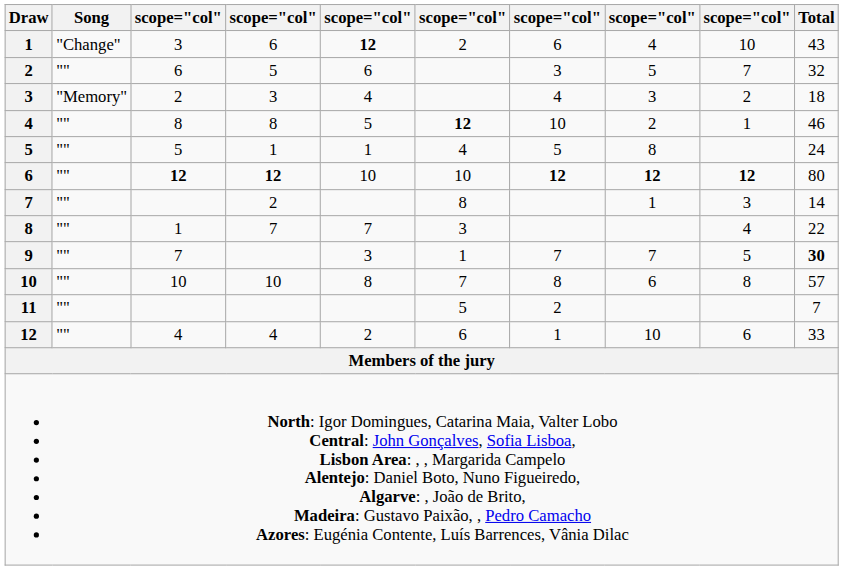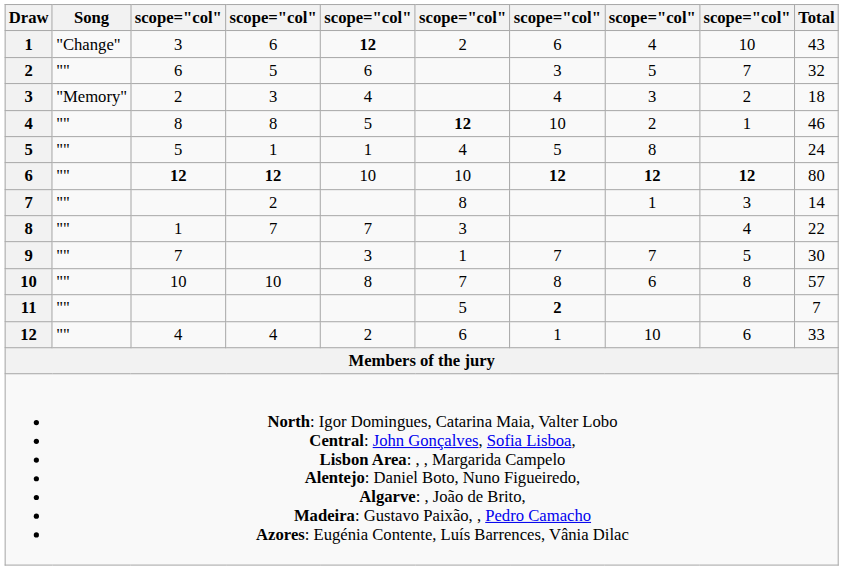 <table class="wikitable collapsible plainrowheaders" style="margin: 1em auto 1em auto; text-align:center">
 <tr>
 <th>Draw</th>
 <th>Song</th>
 <th>scope="col" </th>
 <th>scope="col" </th>
 <th>scope="col" </th>
 <th>scope="col" </th>
 <th>scope="col" </th>
 <th>scope="col" </th>
 <th>scope="col" </th>
 <th>Total</th>
 </tr>
 <tr>
 <th scope="row" style="text-align:center">1</th>
 <td align="left">"Change"</td>
 <td>3</td>
 <td>6</td>
 <td><strong>12</strong></td>
 <td>2</td>
 <td>6</td>
 <td>4</td>
 <td>10</td>
 <td>43</td>
 </tr>
 <tr>
 <th scope="row" style="text-align:center">2</th>
 <td align="left">""</td>
 <td>6</td>
 <td>5</td>
 <td>6</td>
 <td></td>
 <td>3</td>
 <td>5</td>
 <td>7</td>
 <td>32</td>
 </tr>
 <tr>
 <th scope="row" style="text-align:center">3</th>
 <td align="left">"Memory"</td>
 <td>2</td>
 <td>3</td>
 <td>4</td>
 <td></td>
 <td>4</td>
 <td>3</td>
 <td>2</td>
 <td>18</td>
 </tr>
 <tr>
 <th scope="row" style="text-align:center">4</th>
 <td align="left">""</td>
 <td>8</td>
 <td>8</td>
 <td>5</td>
 <td><strong>12</strong></td>
 <td>10</td>
 <td>2</td>
 <td>1</td>
 <td>46</td>
 </tr>
 <tr>
 <th scope="row" style="text-align:center">5</th>
 <td align="left">""</td>
 <td>5</td>
 <td>1</td>
 <td>1</td>
 <td>4</td>
 <td>5</td>
 <td>8</td>
 <td></td>
 <td>24</td>
 </tr>
 <tr>
 <th scope="row" style="text-align:center">6</th>
 <td align="left">""</td>
 <td><strong>12</strong></td>
 <td><strong>12</strong></td>
 <td>10</td>
 <td>10</td>
 <td><strong>12</strong></td>
 <td><strong>12</strong></td>
 <td><strong>12</strong></td>
 <td>80</td>
 </tr>
 <tr>
 <th scope="row" style="text-align:center">7</th>
 <td align="left">""</td>
 <td></td>
 <td>2</td>
 <td></td>
 <td>8</td>
 <td></td>
 <td>1</td>
 <td>3</td>
 <td>14</td>
 </tr>
 <tr>
 <th scope="row" style="text-align:center">8</th>
 <td align="left">""</td>
 <td>1</td>
 <td>7</td>
 <td>7</td>
 <td>3</td>
 <td></td>
 <td></td>
 <td>4</td>
 <td>22</td>
 </tr>
 <tr>
 <th scope="row" style="text-align:center">9</th>
 <td align="left">""</td>
 <td>7</td>
 <td></td>
 <td>3</td>
 <td>1</td>
 <td>7</td>
 <td>7</td>
 <td>5</td>
-<td><strong>30</strong></td>
+<td>30</td>
 </tr>
 <tr>
 <th scope="row" style="text-align:center">10</th>
 <td align="left">""</td>
 <td>10</td>
 <td>10</td>
 <td>8</td>
 <td>7</td>
 <td>8</td>
 <td>6</td>
 <td>8</td>
 <td>57</td>
 </tr>
 <tr>
 <th scope="row" style="text-align:center">11</th>
 <td align="left">""</td>
 <td></td>
 <td></td>
 <td></td>
 <td>5</td>
-<td>2</td>
+<td><strong>2</strong></td>
 <td></td>
 <td></td>
 <td>7</td>
 </tr>
 <tr>
 <th scope="row" style="text-align:center">12</th>
 <td align="left">""</td>
 <td>4</td>
 <td>4</td>
 <td>2</td>
 <td>6</td>
 <td>1</td>
 <td>10</td>
 <td>6</td>
 <td>33</td>
 </tr>
 <tr>
 <th colspan="10">Members of the jury</th>
 </tr>
 <tr>
 <td colspan="10"><br><ul><li><strong>North</strong>: Igor Domingues, Catarina Maia, Valter Lobo</li><li><strong>Central</strong>: <a href='#'>John Gonçalves</a>, <a href='#'>Sofia Lisboa</a>, </li><li><strong>Lisbon Area</strong>: , , Margarida Campelo</li><li><strong>Alentejo</strong>: Daniel Boto, Nuno Figueiredo, </li><li><strong>Algarve</strong>: , João de Brito, </li><li><strong>Madeira</strong>: Gustavo Paixão, , <a href='#'>Pedro Camacho</a></li><li><strong>Azores</strong>: Eugénia Contente, Luís Barrences, Vânia Dilac</li></ul></td>
 </tr>
 </table>
